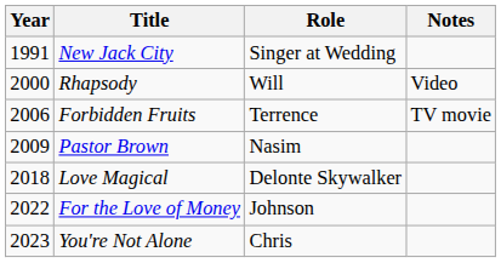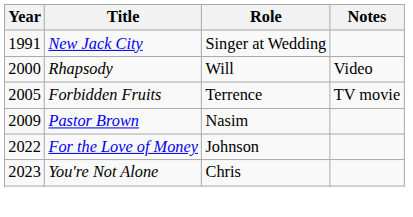 <table class="wikitable plainrowheaders sortable" style="margin–right: 0;">
 <tr>
 <th>Year</th>
 <th>Title</th>
 <th>Role</th>
 <th>Notes</th>
 </tr>
 <tr>
 <td>1991</td>
 <td><em><a href='#'>New Jack City</a></em></td>
 <td>Singer at Wedding</td>
 <td></td>
 </tr>
 <tr>
 <td>2000</td>
 <td><em>Rhapsody</em></td>
 <td>Will</td>
 <td>Video</td>
 </tr>
 <tr>
-<td>2006</td>
+<td>2005</td>
 <td><em>Forbidden Fruits</em></td>
 <td>Terrence</td>
 <td>TV movie</td>
 </tr>
 <tr>
 <td>2009</td>
 <td><em><a href='#'>Pastor Brown</a></em></td>
 <td>Nasim</td>
-<td></td>
-</tr>
-<tr>
-<td>2018</td>
-<td><em>Love Magical</em></td>
-<td>Delonte Skywalker</td>
 <td></td>
 </tr>
 <tr>
 <td>2022</td>
 <td><em><a href='#'>For the Love of Money</a></em></td>
 <td>Johnson</td>
 <td></td>
 </tr>
 <tr>
 <td>2023</td>
 <td><em>You're Not Alone</em></td>
 <td>Chris</td>
 <td></td>
 </tr>
 </table>
